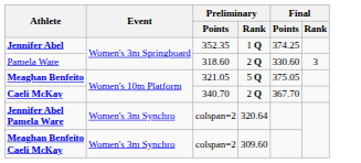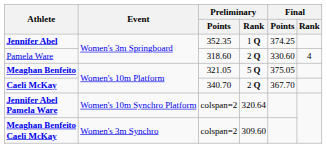 <table class=wikitable style="font-size:90%">
 <tr>
 <th rowspan="2">Athlete</th>
 <th rowspan="2">Event</th>
 <th colspan="2">Preliminary</th>
 <th colspan="2">Final</th>
 </tr>
 <tr>
 <th>Points</th>
 <th>Rank</th>
 <th>Points</th>
 <th>Rank</th>
 </tr>
 <tr align=center>
 <td align=left><strong><a href='#'>Jennifer Abel</a></strong></td>
 <td rowspan="2" align=left><a href='#'>Women's 3m Springboard</a></td>
 <td>352.35</td>
 <td>1 <strong>Q</strong></td>
 <td>374.25</td>
 <td></td>
 </tr>
 <tr align=center>
 <td align=left><a href='#'>Pamela Ware</a></td>
 <td>318.60</td>
 <td>2 <strong>Q</strong></td>
 <td>330.60</td>
-<td>3</td>
+<td>4</td>
 </tr>
 <tr align=center>
 <td align=left><strong><a href='#'>Meaghan Benfeito</a></strong></td>
 <td rowspan="2" align=left><a href='#'>Women's 10m Platform</a></td>
 <td>321.05</td>
 <td>5 <strong>Q</strong></td>
 <td>375.05</td>
 <td></td>
 </tr>
 <tr align=center>
 <td align=left><strong><a href='#'>Caeli McKay</a></strong></td>
 <td>340.70</td>
 <td>2 <strong>Q</strong></td>
 <td>367.70</td>
 <td></td>
 </tr>
 <tr align=center>
 <td align=left><strong><a href='#'>Jennifer Abel</a><br><a href='#'>Pamela Ware</a></strong></td>
-<td align=left><a href='#'>Women's 3m Synchro</a></td>
+<td align=left><a href='#'>Women's 10m Synchro Platform</a></td>
 <td>colspan=2 </td>
 <td>320.64</td>
 <td></td>
 </tr>
 <tr align=center>
 <td align=left><strong><a href='#'>Meaghan Benfeito</a><br><a href='#'>Caeli McKay</a></strong></td>
 <td align=left><a href='#'>Women's 3m Synchro</a></td>
 <td>colspan=2 </td>
 <td>309.60</td>
 <td></td>
 </tr>
 </table>
